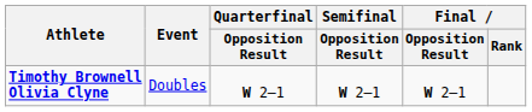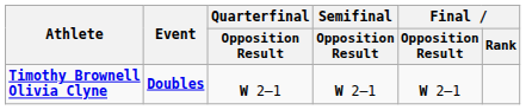 <table class=wikitable style=font-size:90%>
 <tr>
 <th rowspan=2>Athlete</th>
 <th rowspan=2>Event</th>
 <th>Quarterfinal</th>
 <th>Semifinal</th>
 <th colspan=2>Final / </th>
 </tr>
 <tr style=font-size:95%>
 <th>Opposition<br>Result</th>
 <th>Opposition<br>Result</th>
 <th>Opposition<br>Result</th>
 <th>Rank</th>
 </tr>
 <tr align=center>
 <td align=left><strong><a href='#'>Timothy Brownell</a><br><a href='#'>Olivia Clyne</a></strong></td>
-<td align=left><a href='#'>Doubles</a></td>
+<td align=left><strong><a href='#'>Doubles</a></strong></td>
 <td><br><strong>W</strong> 2–1</td>
 <td><br><strong>W</strong> 2–1</td>
 <td><br><strong>W</strong> 2–1</td>
 <td></td>
 </tr>
 </table>
